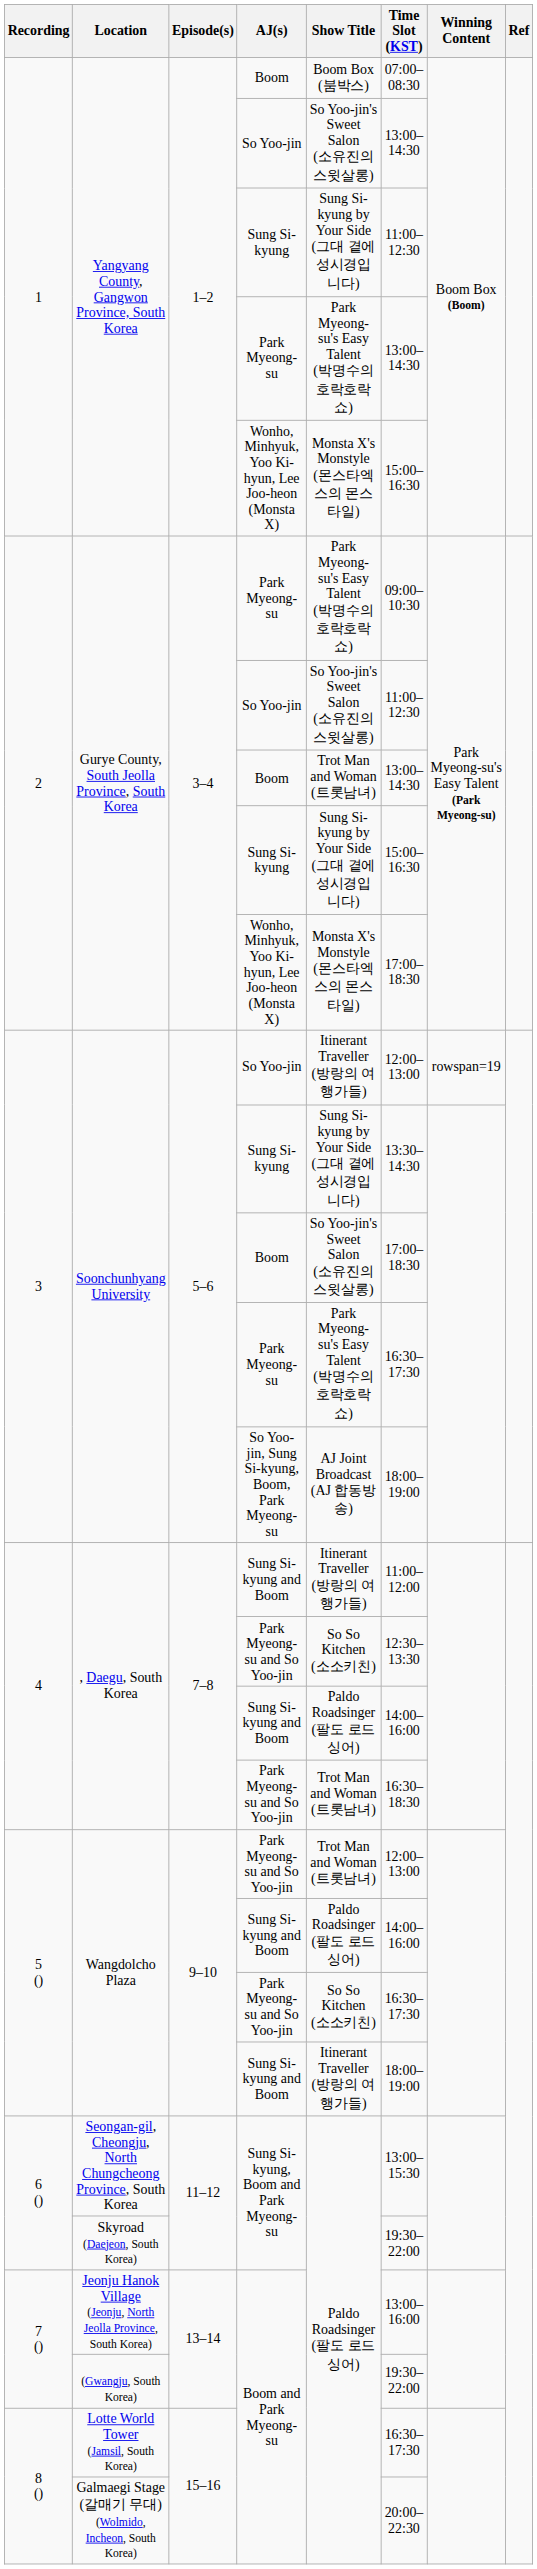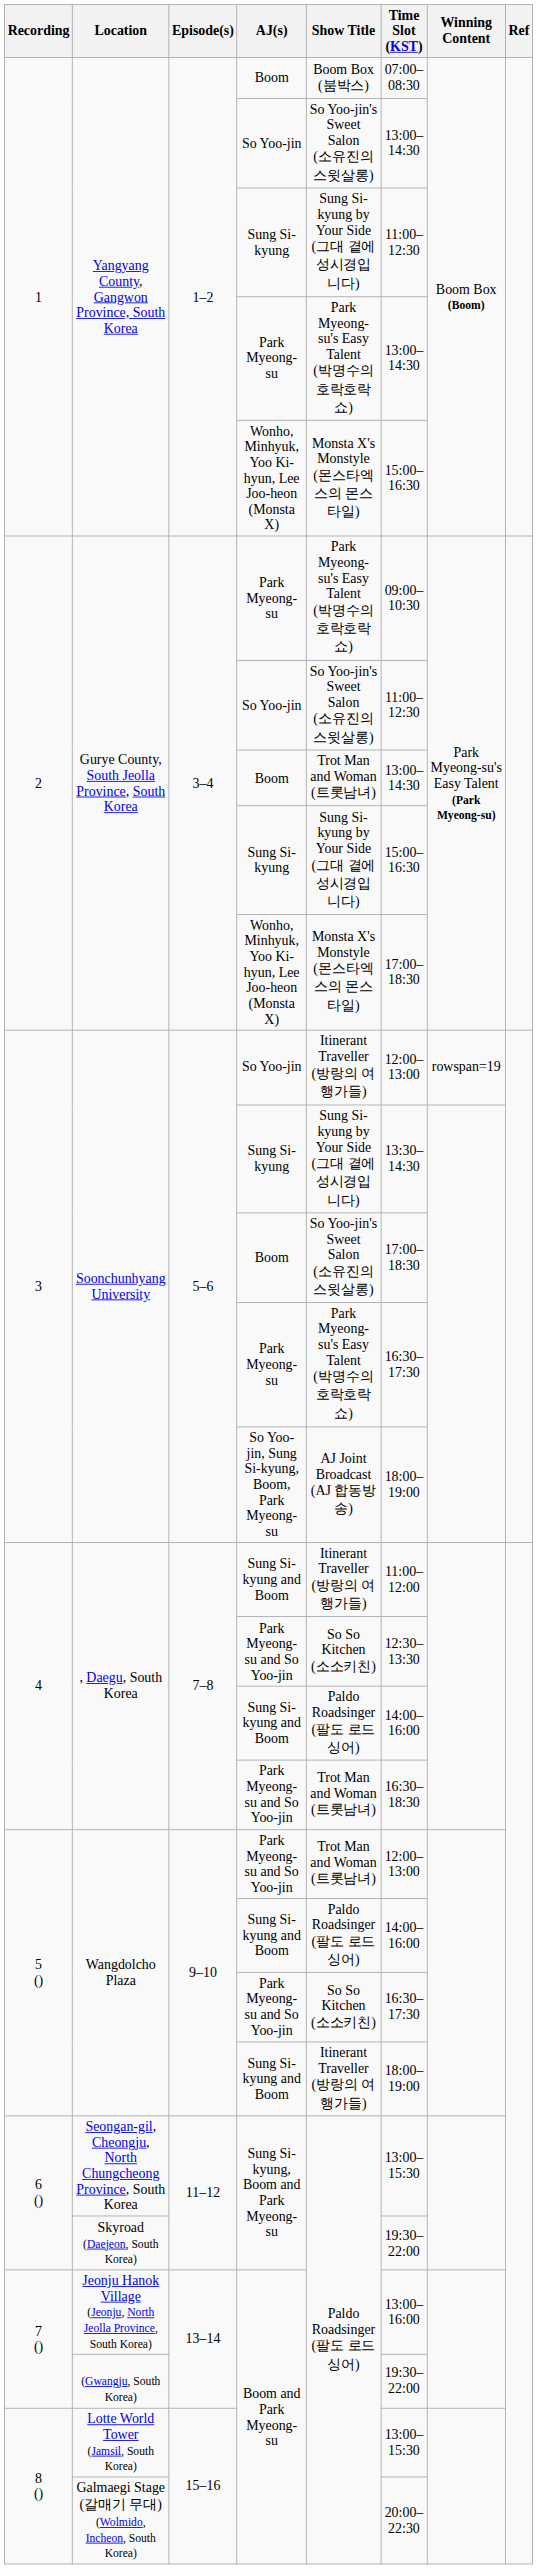 <table class="wikitable" style="text-align:center;">
 <tr>
 <th style="width: 12%">Recording<br></th>
 <th style="width: 18%">Location</th>
 <th style="width: 5%">Episode(s)</th>
 <th style="width: 20%">AJ(s)</th>
 <th style="width: 18%">Show Title</th>
 <th style="width: 10%">Time Slot (<a href='#'>KST</a>)</th>
 <th style="width: 18%">Winning Content<br></th>
 <th style="width: 3%">Ref</th>
 </tr>
 <tr>
 <td rowspan=5>1<br></td>
 <td rowspan=5><a href='#'>Yangyang County</a>, <a href='#'>Gangwon Province, South Korea</a></td>
 <td rowspan=5>1–2</td>
 <td>Boom</td>
 <td>Boom Box<br>(붐박스)</td>
 <td>07:00–08:30</td>
 <td rowspan=5>Boom Box<br><small><strong>(Boom)</strong></small></td>
 <td rowspan=5></td>
 </tr>
 <tr>
 <td>So Yoo-jin</td>
 <td>So Yoo-jin's Sweet Salon<br>(소유진의 스윗살롱)</td>
 <td>13:00–14:30</td>
 </tr>
 <tr>
 <td>Sung Si-kyung</td>
 <td>Sung Si-kyung by Your Side<br>(그대 곁에 성시경입니다)</td>
 <td>11:00–12:30</td>
 </tr>
 <tr>
 <td>Park Myeong-su</td>
 <td>Park Myeong-su's Easy Talent<br>(박명수의 호락호락쇼)</td>
 <td>13:00–14:30</td>
 </tr>
 <tr>
 <td>Wonho, Minhyuk, Yoo Ki-hyun, Lee Joo-heon (Monsta X)</td>
 <td>Monsta X's Monstyle<br>(몬스타엑스의 몬스타일)</td>
 <td>15:00–16:30</td>
 </tr>
 <tr>
 <td rowspan=5>2<br></td>
 <td rowspan=5>Gurye County, <a href='#'>South Jeolla Province</a>, <a href='#'>South Korea</a></td>
 <td rowspan=5>3–4</td>
 <td>Park Myeong-su</td>
 <td>Park Myeong-su's Easy Talent<br>(박명수의 호락호락쇼)</td>
 <td>09:00–10:30</td>
 <td rowspan=5>Park Myeong-su's Easy Talent<br><small><strong>(Park Myeong-su)</strong></small></td>
 <td rowspan=5></td>
 </tr>
 <tr>
 <td>So Yoo-jin</td>
 <td>So Yoo-jin's Sweet Salon<br>(소유진의 스윗살롱)</td>
 <td>11:00–12:30</td>
 </tr>
 <tr>
 <td>Boom</td>
 <td>Trot Man and Woman<br>(트롯남녀)</td>
 <td>13:00–14:30</td>
 </tr>
 <tr>
 <td>Sung Si-kyung</td>
 <td>Sung Si-kyung by Your Side<br>(그대 곁에 성시경입니다)</td>
 <td>15:00–16:30</td>
 </tr>
 <tr>
 <td>Wonho, Minhyuk, Yoo Ki-hyun, Lee Joo-heon (Monsta X)</td>
 <td>Monsta X's Monstyle<br>(몬스타엑스의 몬스타일)</td>
 <td>17:00–18:30</td>
 </tr>
 <tr>
 <td rowspan=5>3<br></td>
 <td rowspan=5><a href='#'>Soonchunhyang University</a></td>
 <td rowspan=5>5–6</td>
 <td>So Yoo-jin</td>
 <td>Itinerant Traveller<br>(방랑의 여행가들)</td>
 <td>12:00–13:00</td>
 <td>rowspan=19</td>
 <td rowspan=5></td>
 </tr>
 <tr>
 <td>Sung Si-kyung</td>
 <td>Sung Si-kyung by Your Side<br>(그대 곁에 성시경입니다)</td>
 <td>13:30–14:30</td>
 </tr>
 <tr>
 <td>Boom</td>
 <td>So Yoo-jin's Sweet Salon<br>(소유진의 스윗살롱)</td>
 <td>17:00–18:30</td>
 </tr>
 <tr>
 <td>Park Myeong-su</td>
 <td>Park Myeong-su's Easy Talent<br>(박명수의 호락호락쇼)</td>
 <td>16:30–17:30</td>
 </tr>
 <tr>
 <td>So Yoo-jin, Sung Si-kyung, Boom, Park Myeong-su</td>
 <td>AJ Joint Broadcast<br>(AJ 합동방송)</td>
 <td>18:00–19:00</td>
 </tr>
 <tr>
 <td rowspan=4>4<br></td>
 <td rowspan=4>, <a href='#'>Daegu</a>, South Korea</td>
 <td rowspan=4>7–8</td>
 <td>Sung Si-kyung and Boom</td>
 <td>Itinerant Traveller<br>(방랑의 여행가들)</td>
 <td>11:00–12:00</td>
 <td rowspan=4></td>
 </tr>
 <tr>
 <td>Park Myeong-su and So Yoo-jin</td>
 <td>So So Kitchen<br>(소소키친)</td>
 <td>12:30–13:30</td>
 </tr>
 <tr>
 <td>Sung Si-kyung and Boom</td>
 <td>Paldo Roadsinger<br>(팔도 로드싱어)</td>
 <td>14:00–16:00</td>
 </tr>
 <tr>
 <td>Park Myeong-su and So Yoo-jin</td>
 <td>Trot Man and Woman<br>(트롯남녀)</td>
 <td>16:30–18:30</td>
 </tr>
 <tr>
 <td rowspan=4>5<br>()</td>
 <td rowspan=4>Wangdolcho Plaza<br></td>
 <td rowspan=4>9–10</td>
 <td>Park Myeong-su and So Yoo-jin</td>
 <td>Trot Man and Woman<br>(트롯남녀)</td>
 <td>12:00–13:00</td>
 <td rowspan=4></td>
 </tr>
 <tr>
 <td>Sung Si-kyung and Boom</td>
 <td>Paldo Roadsinger<br>(팔도 로드싱어)</td>
 <td>14:00–16:00</td>
 </tr>
 <tr>
 <td>Park Myeong-su and So Yoo-jin</td>
 <td>So So Kitchen<br>(소소키친)</td>
 <td>16:30–17:30</td>
 </tr>
 <tr>
 <td>Sung Si-kyung and Boom</td>
 <td>Itinerant Traveller<br>(방랑의 여행가들)</td>
 <td>18:00–19:00</td>
 </tr>
 <tr>
 <td rowspan=2>6<br>()</td>
 <td><a href='#'>Seongan-gil</a>, <a href='#'>Cheongju</a>, <a href='#'>North Chungcheong Province</a>, South Korea</td>
 <td rowspan=2>11–12</td>
 <td rowspan=2>Sung Si-kyung, Boom and Park Myeong-su</td>
 <td rowspan=6>Paldo Roadsinger<br>(팔도 로드싱어)</td>
 <td>13:00–15:30</td>
 <td rowspan=2></td>
 </tr>
 <tr>
 <td>Skyroad<br><small>(<a href='#'>Daejeon</a>, South Korea)</small></td>
 <td>19:30–22:00</td>
 </tr>
 <tr>
 <td rowspan=2>7<br>()</td>
 <td><a href='#'>Jeonju Hanok Village</a><br><small>(<a href='#'>Jeonju</a>, <a href='#'>North Jeolla Province</a>, South Korea)</small></td>
 <td rowspan=2>13–14</td>
 <td rowspan=4>Boom and Park Myeong-su</td>
 <td>13:00–16:00</td>
 <td rowspan=2></td>
 </tr>
 <tr>
 <td><br><small>(<a href='#'>Gwangju</a>, South Korea)</small></td>
 <td>19:30–22:00</td>
 </tr>
 <tr>
 <td rowspan=2>8<br>()</td>
 <td><a href='#'>Lotte World Tower</a><br><small>(<a href='#'>Jamsil</a>, South Korea)</small></td>
 <td rowspan=2>15–16</td>
-<td>16:30–17:30</td>
+<td>13:00–15:30</td>
 <td rowspan=2></td>
 </tr>
 <tr>
 <td>Galmaegi Stage (갈매기 무대)<br><small>(<a href='#'>Wolmido</a>, <a href='#'>Incheon</a>, South Korea)</small></td>
 <td>20:00–22:30</td>
 </tr>
 </table>
